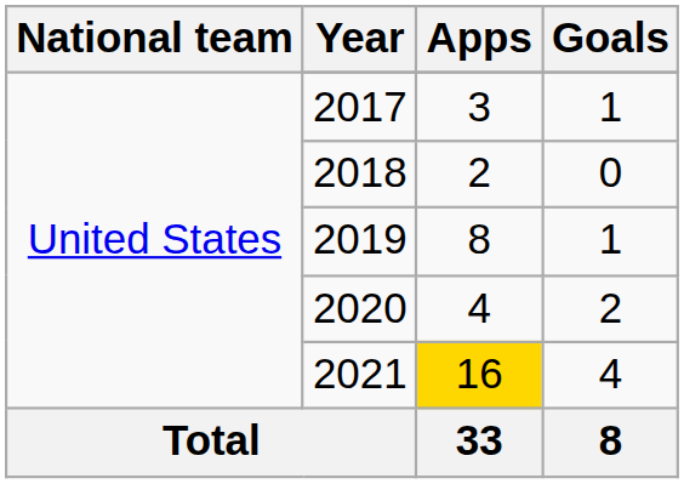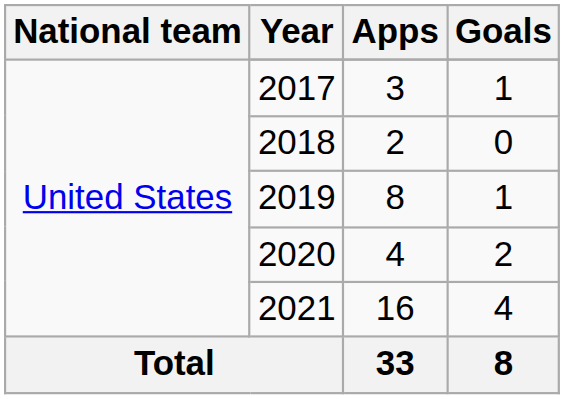 <table class="wikitable" style="text-align: center">
 <tr>
 <th>National team</th>
 <th>Year</th>
 <th>Apps</th>
 <th>Goals</th>
 </tr>
 <tr>
 <td rowspan="6"><a href='#'>United States</a></td>
 </tr>
 <tr>
 <td>2017</td>
 <td>3</td>
 <td>1</td>
 </tr>
 <tr>
 <td>2018</td>
 <td>2</td>
 <td>0</td>
 </tr>
 <tr>
 <td>2019</td>
 <td>8</td>
 <td>1</td>
 </tr>
 <tr>
 <td>2020</td>
 <td>4</td>
 <td>2</td>
 </tr>
 <tr>
 <td>2021</td>
-<td style="background: gold;">16</td>
+<td>16</td>
 <td>4</td>
 </tr>
 <tr>
 <th colspan="2">Total</th>
 <th>33</th>
 <th>8</th>
 </tr>
 </table>
